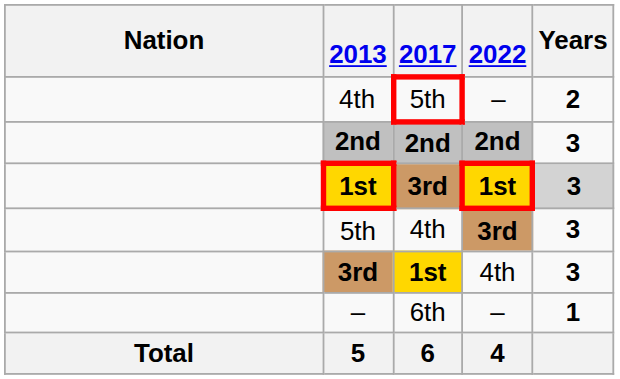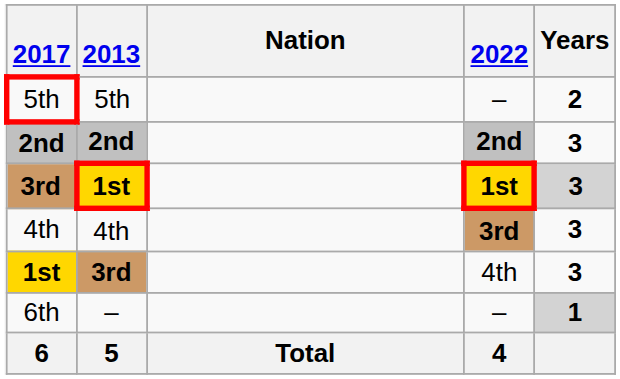 <table class="wikitable" style="text-align:center; font-size:90%">
 <tr>
+<th><br><a href='#'>2017</a></th>
+<th><br><a href='#'>2013</a></th>
 <th width=170>Nation</th>
-<th><br><a href='#'>2013</a></th>
-<th><br><a href='#'>2017</a></th>
 <th><br><a href='#'>2022</a></th>
 <th>Years</th>
 </tr>
 <tr>
+<td style="border:3px solid red">5th</td>
+<td>5th</td>
 <td align=left></td>
-<td>4th</td>
-<td style="border:3px solid red">5th</td>
 <td>–</td>
 <td><strong>2</strong></td>
 </tr>
 <tr>
-<td align=left></td>
 <td bgcolor=silver><strong>2nd</strong></td>
 <td bgcolor=silver><strong>2nd</strong></td>
+<td align=left></td>
 <td bgcolor=silver><strong>2nd</strong></td>
 <td><strong>3</strong></td>
 </tr>
 <tr>
+<td bgcolor=#cc9966><strong>3rd</strong></td>
+<td bgcolor=gold style="border:3px solid red"><strong>1st</strong></td>
 <td align=left></td>
-<td bgcolor=gold style="border:3px solid red"><strong>1st</strong></td>
-<td bgcolor=#cc9966><strong>3rd</strong></td>
 <td bgcolor=gold style="border:3px solid red"><strong>1st</strong></td>
 <td style="background: lightgrey;"><strong>3</strong></td>
 </tr>
 <tr>
+<td>4th</td>
+<td>4th</td>
 <td align=left></td>
-<td>5th</td>
-<td>4th</td>
 <td bgcolor=#cc9966><strong>3rd</strong></td>
 <td><strong>3</strong></td>
 </tr>
 <tr>
+<td bgcolor=gold><strong>1st</strong></td>
+<td bgcolor=#cc9966><strong>3rd</strong></td>
 <td align=left></td>
-<td bgcolor=#cc9966><strong>3rd</strong></td>
-<td bgcolor=gold><strong>1st</strong></td>
 <td>4th</td>
 <td><strong>3</strong></td>
 </tr>
 <tr>
+<td>6th</td>
+<td>–</td>
 <td align=left></td>
 <td>–</td>
-<td>6th</td>
-<td>–</td>
-<td><strong>1</strong></td>
+<td style="background: lightgrey;"><strong>1</strong></td>
 </tr>
 <tr>
+<th>6</th>
+<th>5</th>
 <th>Total</th>
-<th>5</th>
-<th>6</th>
 <th>4</th>
 <th></th>
 </tr>
 </table>
